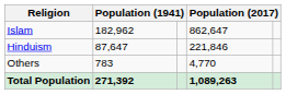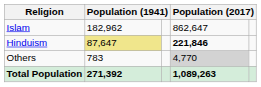 <table class="wikitable sortable">
 <tr>
 <th>Religion</th>
 <th colspan="2">Population (1941)</th>
 <th colspan="2">Population (2017)</th>
 </tr>
 <tr>
 <td><a href='#'>Islam</a> </td>
 <td>182,962</td>
 <td></td>
 <td>862,647</td>
 <td></td>
 </tr>
 <tr>
 <td><a href='#'>Hinduism</a> </td>
-<td>87,647</td>
+<td style="background: khaki;">87,647</td>
 <td></td>
-<td>221,846</td>
+<td><strong>221,846</strong></td>
 <td></td>
 </tr>
 <tr>
 <td>Others</td>
 <td>783</td>
 <td></td>
-<td>4,770</td>
+<td style="background: lightgrey;">4,770</td>
 <td></td>
 </tr>
 <tr style="background-color:#d4edda;">
 <td><strong>Total Population</strong></td>
 <td><strong>271,392</strong></td>
 <td><strong></strong></td>
 <td><strong>1,089,263</strong></td>
 <td><strong></strong></td>
 </tr>
 </table>
